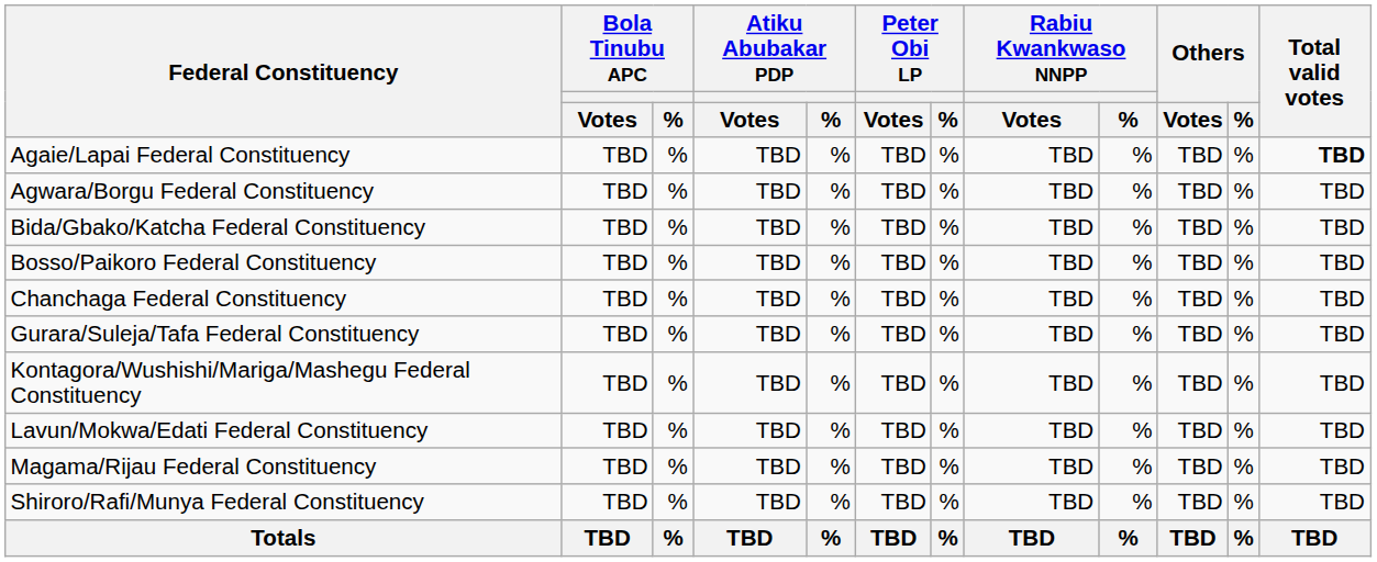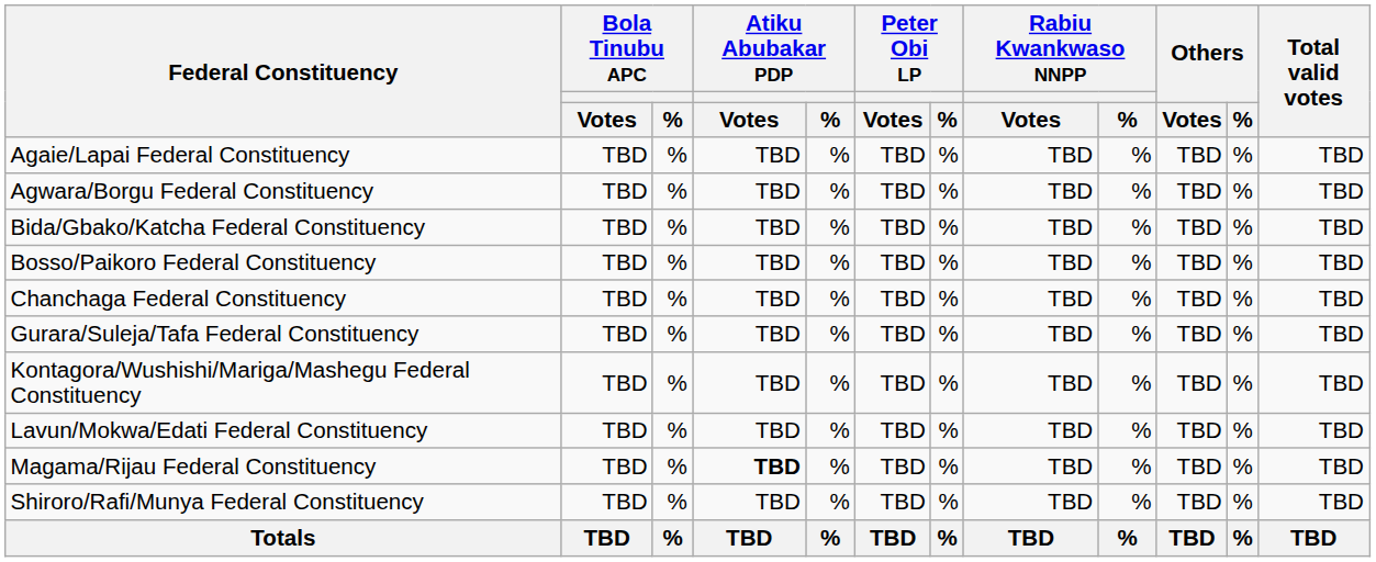 <table class="wikitable sortable" style="text-align:right; font-size:90%">
 <tr>
 <th rowspan="3" style="max-width:7.5em;">Federal Constituency</th>
 <th colspan="2"><a href='#'>Bola Tinubu</a><br><small>APC</small></th>
 <th colspan="2"><a href='#'>Atiku Abubakar</a><br><small>PDP</small></th>
 <th colspan="2"><a href='#'>Peter Obi</a><br><small>LP</small></th>
 <th colspan="2"><a href='#'>Rabiu Kwankwaso</a><br><small>NNPP</small></th>
 <th colspan="2" rowspan="2">Others</th>
 <th rowspan="3" style="max-width:5em;">Total valid votes</th>
 </tr>
 <tr>
 <th colspan=2 style="background-color:"></th>
 <th colspan=2 style="background-color:"></th>
 <th colspan=2 style="background-color:"></th>
 <th colspan=2 style="background-color:"></th>
 </tr>
 <tr>
 <th>Votes</th>
 <th>%</th>
 <th>Votes</th>
 <th>%</th>
 <th>Votes</th>
 <th>%</th>
 <th>Votes</th>
 <th>%</th>
 <th>Votes</th>
 <th>%</th>
 </tr>
 <tr style="background-color:#">
 <td style="text-align:left;">Agaie/Lapai Federal Constituency</td>
 <td>TBD</td>
 <td>%</td>
 <td>TBD</td>
 <td>%</td>
 <td>TBD</td>
 <td>%</td>
 <td>TBD</td>
 <td>%</td>
 <td>TBD</td>
 <td>%</td>
-<td><strong>TBD</strong></td>
+<td>TBD</td>
 </tr>
 <tr style="background-color:#">
 <td style="text-align:left;">Agwara/Borgu Federal Constituency</td>
 <td>TBD</td>
 <td>%</td>
 <td>TBD</td>
 <td>%</td>
 <td>TBD</td>
 <td>%</td>
 <td>TBD</td>
 <td>%</td>
 <td>TBD</td>
 <td>%</td>
 <td>TBD</td>
 </tr>
 <tr style="background-color:#">
 <td style="text-align:left;">Bida/Gbako/Katcha Federal Constituency</td>
 <td>TBD</td>
 <td>%</td>
 <td>TBD</td>
 <td>%</td>
 <td>TBD</td>
 <td>%</td>
 <td>TBD</td>
 <td>%</td>
 <td>TBD</td>
 <td>%</td>
 <td>TBD</td>
 </tr>
 <tr style="background-color:#">
 <td style="text-align:left;">Bosso/Paikoro Federal Constituency</td>
 <td>TBD</td>
 <td>%</td>
 <td>TBD</td>
 <td>%</td>
 <td>TBD</td>
 <td>%</td>
 <td>TBD</td>
 <td>%</td>
 <td>TBD</td>
 <td>%</td>
 <td>TBD</td>
 </tr>
 <tr style="background-color:#">
 <td style="text-align:left;">Chanchaga Federal Constituency</td>
 <td>TBD</td>
 <td>%</td>
 <td>TBD</td>
 <td>%</td>
 <td>TBD</td>
 <td>%</td>
 <td>TBD</td>
 <td>%</td>
 <td>TBD</td>
 <td>%</td>
 <td>TBD</td>
 </tr>
 <tr style="background-color:#">
 <td style="text-align:left;">Gurara/Suleja/Tafa Federal Constituency</td>
 <td>TBD</td>
 <td>%</td>
 <td>TBD</td>
 <td>%</td>
 <td>TBD</td>
 <td>%</td>
 <td>TBD</td>
 <td>%</td>
 <td>TBD</td>
 <td>%</td>
 <td>TBD</td>
 </tr>
 <tr style="background-color:#">
 <td style="text-align:left;">Kontagora/Wushishi/Mariga/Mashegu Federal Constituency</td>
 <td>TBD</td>
 <td>%</td>
 <td>TBD</td>
 <td>%</td>
 <td>TBD</td>
 <td>%</td>
 <td>TBD</td>
 <td>%</td>
 <td>TBD</td>
 <td>%</td>
 <td>TBD</td>
 </tr>
 <tr style="background-color:#">
 <td style="text-align:left;">Lavun/Mokwa/Edati Federal Constituency</td>
 <td>TBD</td>
 <td>%</td>
 <td>TBD</td>
 <td>%</td>
 <td>TBD</td>
 <td>%</td>
 <td>TBD</td>
 <td>%</td>
 <td>TBD</td>
 <td>%</td>
 <td>TBD</td>
 </tr>
 <tr style="background-color:#">
 <td style="text-align:left;">Magama/Rijau Federal Constituency</td>
 <td>TBD</td>
 <td>%</td>
-<td>TBD</td>
+<td><strong>TBD</strong></td>
 <td>%</td>
 <td>TBD</td>
 <td>%</td>
 <td>TBD</td>
 <td>%</td>
 <td>TBD</td>
 <td>%</td>
 <td>TBD</td>
 </tr>
 <tr style="background-color:#">
 <td style="text-align:left;">Shiroro/Rafi/Munya Federal Constituency</td>
 <td>TBD</td>
 <td>%</td>
 <td>TBD</td>
 <td>%</td>
 <td>TBD</td>
 <td>%</td>
 <td>TBD</td>
 <td>%</td>
 <td>TBD</td>
 <td>%</td>
 <td>TBD</td>
 </tr>
 <tr>
 <th>Totals</th>
 <th>TBD</th>
 <th>%</th>
 <th>TBD</th>
 <th>%</th>
 <th>TBD</th>
 <th>%</th>
 <th>TBD</th>
 <th>%</th>
 <th>TBD</th>
 <th>%</th>
 <th>TBD</th>
 </tr>
 </table>
